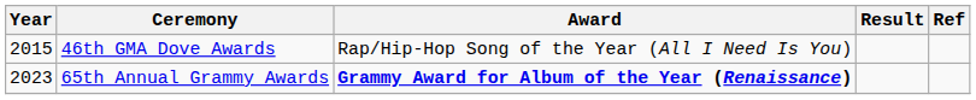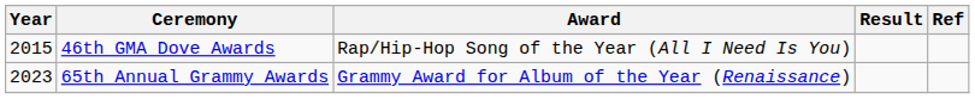 <table class="wikitable">
 <tr style="background:#ccc; text-align:center;">
 <th scope="col">Year</th>
 <th scope="col">Ceremony</th>
 <th scope="col">Award</th>
 <th scope="col">Result</th>
 <th>Ref</th>
 </tr>
 <tr>
 <td>2015</td>
 <td><a href='#'>46th GMA Dove Awards</a></td>
 <td>Rap/Hip-Hop Song of the Year (<em>All I Need Is You</em>)</td>
 <td></td>
 <td style="text-align:center;"></td>
 </tr>
 <tr>
 <td>2023</td>
 <td><a href='#'>65th Annual Grammy Awards</a></td>
-<td><strong><a href='#'>Grammy Award for Album of the Year</a> (<em><a href='#'>Renaissance</a></em>)</strong></td>
+<td><a href='#'>Grammy Award for Album of the Year</a> (<em><a href='#'>Renaissance</a></em>)</td>
 <td></td>
 <td style="text-align:center;"></td>
 </tr>
 <tr>
 </tr>
 </table>
